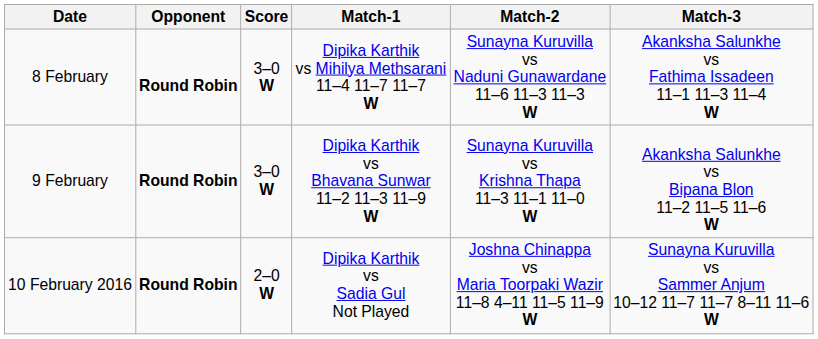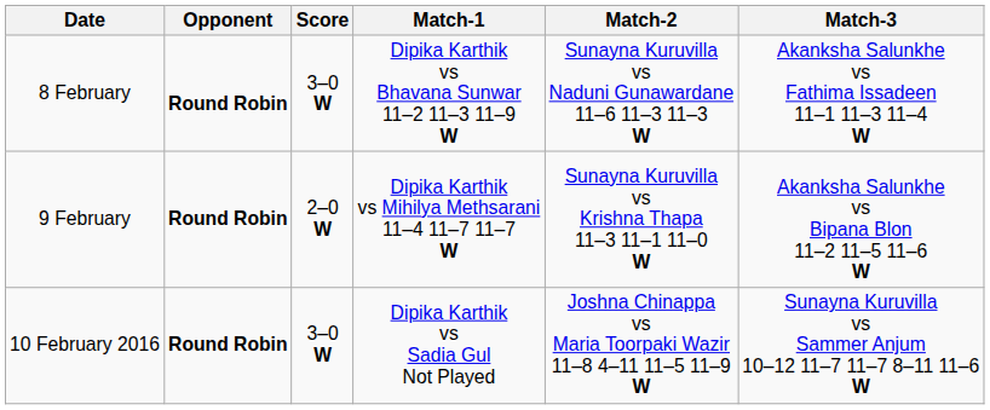 <table class="wikitable" style="text-align:center;">
 <tr>
 <th>Date</th>
 <th>Opponent</th>
 <th>Score</th>
 <th>Match-1</th>
 <th>Match-2</th>
 <th>Match-3</th>
 </tr>
 <tr>
 <td>8 February</td>
 <td><br><strong>Round Robin</strong></td>
 <td>3–0<br><strong>W</strong></td>
-<td><a href='#'>Dipika Karthik</a><br>vs <a href='#'>Mihilya Methsarani</a><br>11–4 11–7 11–7<br><strong>W</strong></td>
+<td><a href='#'>Dipika Karthik</a><br>vs<br><a href='#'>Bhavana Sunwar</a><br>11–2 11–3 11–9<br><strong>W</strong></td>
 <td><a href='#'>Sunayna Kuruvilla</a><br>vs<br><a href='#'>Naduni Gunawardane</a><br>11–6 11–3 11–3<br><strong>W</strong></td>
 <td><a href='#'>Akanksha Salunkhe</a><br>vs<br><a href='#'>Fathima Issadeen</a><br>11–1 11–3 11–4<br><strong>W</strong></td>
 </tr>
 <tr>
 <td>9 February</td>
 <td><strong>Round Robin</strong></td>
-<td>3–0<br><strong>W</strong></td>
-<td><a href='#'>Dipika Karthik</a><br>vs<br><a href='#'>Bhavana Sunwar</a><br>11–2 11–3 11–9<br><strong>W</strong></td>
+<td>2–0<br><strong>W</strong><br></td>
+<td><a href='#'>Dipika Karthik</a><br>vs <a href='#'>Mihilya Methsarani</a><br>11–4 11–7 11–7<br><strong>W</strong></td>
 <td><a href='#'>Sunayna Kuruvilla</a><br>vs<br><a href='#'>Krishna Thapa</a><br>11–3 11–1 11–0<br><strong>W</strong></td>
 <td><br><a href='#'>Akanksha Salunkhe</a><br>vs<br><a href='#'>Bipana Blon</a><br>11–2 11–5 11–6<br><strong>W</strong></td>
 </tr>
 <tr>
 <td>10 February 2016</td>
 <td> <strong>Round Robin</strong></td>
-<td>2–0<br><strong>W</strong><br></td>
+<td>3–0<br><strong>W</strong></td>
 <td><a href='#'>Dipika Karthik</a><br>vs<br><a href='#'>Sadia Gul</a><br>Not Played</td>
 <td><a href='#'>Joshna Chinappa</a><br>vs<br><a href='#'>Maria Toorpaki Wazir</a><br>11–8 4–11 11–5 11–9<br><strong>W</strong></td>
 <td><a href='#'>Sunayna Kuruvilla</a><br>vs<br><a href='#'>Sammer Anjum</a><br>10–12 11–7 11–7 8–11 11–6<br><strong>W</strong></td>
 </tr>
 </table>
